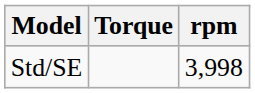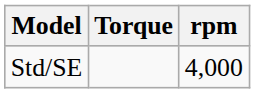 <table class="wikitable" style="display: inline-table;">
 <tr>
 <th>Model</th>
 <th>Torque</th>
 <th>rpm</th>
 </tr>
 <tr>
 <td>Std/SE</td>
 <td></td>
-<td>3,998</td>
+<td>4,000</td>
 </tr>
 </table>
